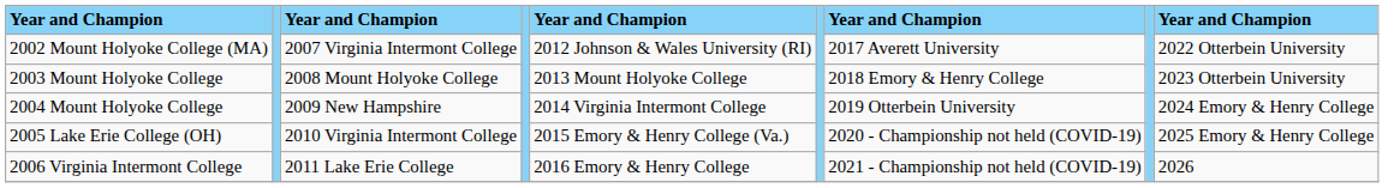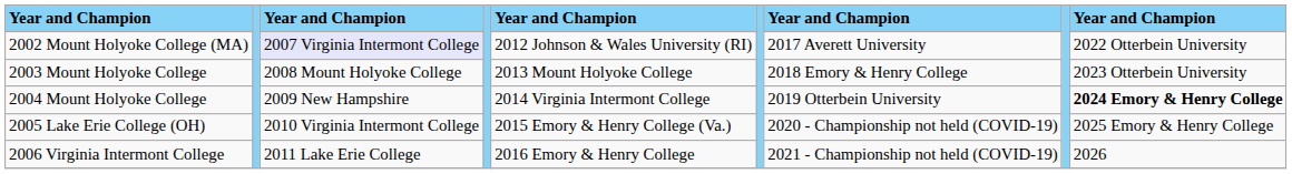 <table class="wikitable" style="font-size:85%;">
 <tr ! style="background-color: #87D3F8;">
 <td><strong>Year and Champion</strong></td>
 <td rowspan=6></td>
 <td><strong>Year and Champion</strong></td>
 <td rowspan=6></td>
 <td><strong>Year and Champion</strong></td>
 <td rowspan=6></td>
 <td><strong>Year and Champion</strong></td>
 <td rowspan=6></td>
 <td><strong>Year and Champion</strong></td>
 </tr>
 <tr --->
 <td>2002 Mount Holyoke College (MA)</td>
-<td>2007 Virginia Intermont College</td>
+<td style="background: lavender;">2007 Virginia Intermont College</td>
 <td>2012 Johnson & Wales University (RI)</td>
 <td>2017 Averett University</td>
 <td>2022 Otterbein University</td>
 </tr>
 <tr --->
 <td>2003 Mount Holyoke College</td>
 <td>2008 Mount Holyoke College</td>
 <td>2013 Mount Holyoke College</td>
 <td>2018 Emory & Henry College</td>
 <td>2023 Otterbein University</td>
 </tr>
 <tr --->
 <td>2004 Mount Holyoke College</td>
 <td>2009 New Hampshire</td>
 <td>2014 Virginia Intermont College</td>
 <td>2019 Otterbein University</td>
-<td>2024 Emory & Henry College</td>
+<td><strong>2024 Emory & Henry College</strong></td>
 </tr>
 <tr --->
 <td>2005 Lake Erie College (OH)</td>
 <td>2010 Virginia Intermont College</td>
 <td>2015 Emory & Henry College (Va.)</td>
 <td>2020 - Championship not held (COVID-19)</td>
 <td>2025 Emory & Henry College</td>
 </tr>
 <tr --->
 <td>2006 Virginia Intermont College</td>
 <td>2011 Lake Erie College</td>
 <td>2016 Emory & Henry College</td>
 <td>2021 - Championship not held (COVID-19)</td>
 <td>2026</td>
 </tr>
 <tr --->
 </tr>
 </table>
